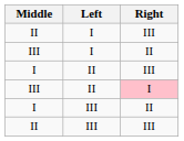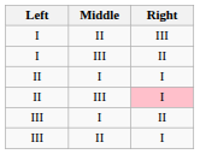 <table class="wikitable" | border=1 style="margin: 1em auto 1em auto">
 <tr>
+<th width="70pt">Left</th>
 <th width="70pt">Middle</th>
-<th width="70pt">Left</th>
 <th width="70pt">Right</th>
-</tr>
-<tr>
-<td align="center">II</td>
-<td align="center">I</td>
-<td align="center">III</td>
-</tr>
-<tr>
-<td align="center">III</td>
-<td align="center">I</td>
-<td align="center">II</td>
 </tr>
 <tr>
 <td align="center">I</td>
 <td align="center">II</td>
 <td align="center">III</td>
-</tr>
-<tr>
-<td align="center">III</td>
-<td align="center">II</td>
-<td align="center" style="background: pink;">I</td>
 </tr>
 <tr>
 <td align="center">I</td>
 <td align="center">III</td>
 <td align="center">II</td>
 </tr>
 <tr>
 <td align="center">II</td>
+<td align="center">I</td>
+<td align="center">I</td>
+</tr>
+<tr>
+<td align="center">II</td>
 <td align="center">III</td>
+<td align="center" style="background: pink;">I</td>
+</tr>
+<tr>
 <td align="center">III</td>
+<td align="center">I</td>
+<td align="center">II</td>
+</tr>
+<tr>
+<td align="center">III</td>
+<td align="center">II</td>
+<td align="center">I</td>
 </tr>
 </table>
